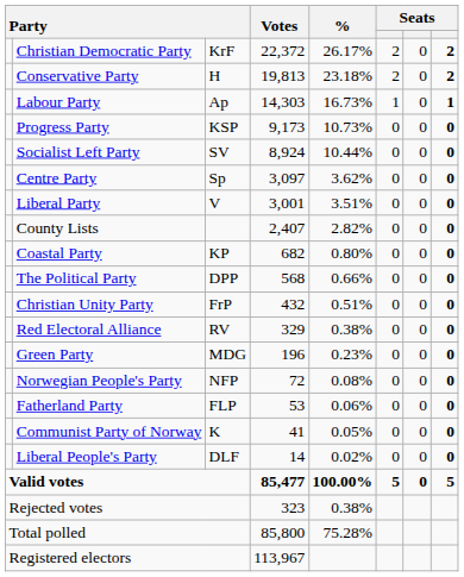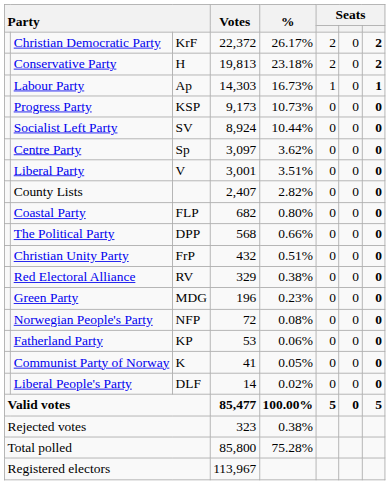 <table class="wikitable" border="1" style="text-align:right;">
 <tr>
 <th style="text-align:left;" valign=bottom rowspan=2 colspan=3>Party</th>
 <th align=center valign=bottom rowspan=2 width="50">Votes</th>
 <th align=center valign=bottom rowspan=2 width="50">%</th>
 <th colspan=3>Seats</th>
 </tr>
 <tr>
 <th align=center valign=bottom width="20"><small></small></th>
 <th align=center valign=bottom width="20"><small><a href='#'></a></small></th>
 <th align=center valign=bottom width="20"><small></small></th>
 </tr>
 <tr>
 <td style="color:inherit;background:"></td>
 <td align=left><a href='#'>Christian Democratic Party</a></td>
 <td align=left>KrF</td>
 <td>22,372</td>
 <td>26.17%</td>
 <td>2</td>
 <td>0</td>
 <td><strong>2</strong></td>
 </tr>
 <tr>
 <td style="color:inherit;background:"></td>
 <td align=left><a href='#'>Conservative Party</a></td>
 <td align=left>H</td>
 <td>19,813</td>
 <td>23.18%</td>
 <td>2</td>
 <td>0</td>
 <td><strong>2</strong></td>
 </tr>
 <tr>
 <td style="color:inherit;background:"></td>
 <td align=left><a href='#'>Labour Party</a></td>
 <td align=left>Ap</td>
 <td>14,303</td>
 <td>16.73%</td>
 <td>1</td>
 <td>0</td>
 <td><strong>1</strong></td>
 </tr>
 <tr>
 <td style="color:inherit;background:"></td>
 <td align=left><a href='#'>Progress Party</a></td>
 <td align=left>KSP</td>
 <td>9,173</td>
 <td>10.73%</td>
 <td>0</td>
 <td>0</td>
 <td><strong>0</strong></td>
 </tr>
 <tr>
 <td style="color:inherit;background:"></td>
 <td align=left><a href='#'>Socialist Left Party</a></td>
 <td align=left>SV</td>
 <td>8,924</td>
 <td>10.44%</td>
 <td>0</td>
 <td>0</td>
 <td><strong>0</strong></td>
 </tr>
 <tr>
 <td style="color:inherit;background:"></td>
 <td align=left><a href='#'>Centre Party</a></td>
 <td align=left>Sp</td>
 <td>3,097</td>
 <td>3.62%</td>
 <td>0</td>
 <td>0</td>
 <td><strong>0</strong></td>
 </tr>
 <tr>
 <td style="color:inherit;background:"></td>
 <td align=left><a href='#'>Liberal Party</a></td>
 <td align=left>V</td>
 <td>3,001</td>
 <td>3.51%</td>
 <td>0</td>
 <td>0</td>
 <td><strong>0</strong></td>
 </tr>
 <tr>
 <td></td>
 <td align=left>County Lists</td>
 <td align=left></td>
 <td>2,407</td>
 <td>2.82%</td>
 <td>0</td>
 <td>0</td>
 <td><strong>0</strong></td>
 </tr>
 <tr>
 <td style="color:inherit;background:"></td>
 <td align=left><a href='#'>Coastal Party</a></td>
-<td align=left>KP</td>
+<td align=left>FLP</td>
 <td>682</td>
 <td>0.80%</td>
 <td>0</td>
 <td>0</td>
 <td><strong>0</strong></td>
 </tr>
 <tr>
 <td style="color:inherit;background:"></td>
 <td align=left><a href='#'>The Political Party</a></td>
 <td align=left>DPP</td>
 <td>568</td>
 <td>0.66%</td>
 <td>0</td>
 <td>0</td>
 <td><strong>0</strong></td>
 </tr>
 <tr>
 <td style="color:inherit;background:"></td>
 <td align=left><a href='#'>Christian Unity Party</a></td>
 <td align=left>FrP</td>
 <td>432</td>
 <td>0.51%</td>
 <td>0</td>
 <td>0</td>
 <td><strong>0</strong></td>
 </tr>
 <tr>
 <td style="color:inherit;background:"></td>
 <td align=left><a href='#'>Red Electoral Alliance</a></td>
 <td align=left>RV</td>
 <td>329</td>
 <td>0.38%</td>
 <td>0</td>
 <td>0</td>
 <td><strong>0</strong></td>
 </tr>
 <tr>
 <td style="color:inherit;background:"></td>
 <td align=left><a href='#'>Green Party</a></td>
 <td align=left>MDG</td>
 <td>196</td>
 <td>0.23%</td>
 <td>0</td>
 <td>0</td>
 <td><strong>0</strong></td>
 </tr>
 <tr>
 <td style="color:inherit;background:"></td>
 <td align=left><a href='#'>Norwegian People's Party</a></td>
 <td align=left>NFP</td>
 <td>72</td>
 <td>0.08%</td>
 <td>0</td>
 <td>0</td>
 <td><strong>0</strong></td>
 </tr>
 <tr>
 <td style="color:inherit;background:"></td>
 <td align=left><a href='#'>Fatherland Party</a></td>
-<td align=left>FLP</td>
+<td align=left>KP</td>
 <td>53</td>
 <td>0.06%</td>
 <td>0</td>
 <td>0</td>
 <td><strong>0</strong></td>
 </tr>
 <tr>
 <td style="color:inherit;background:"></td>
 <td align=left><a href='#'>Communist Party of Norway</a></td>
 <td align=left>K</td>
 <td>41</td>
 <td>0.05%</td>
 <td>0</td>
 <td>0</td>
 <td><strong>0</strong></td>
 </tr>
 <tr>
 <td style="color:inherit;background:"></td>
 <td align=left><a href='#'>Liberal People's Party</a></td>
 <td align=left>DLF</td>
 <td>14</td>
 <td>0.02%</td>
 <td>0</td>
 <td>0</td>
 <td><strong>0</strong></td>
 </tr>
 <tr style="font-weight:bold">
 <td align=left colspan=3>Valid votes</td>
 <td>85,477</td>
 <td>100.00%</td>
 <td>5</td>
 <td>0</td>
 <td>5</td>
 </tr>
 <tr>
 <td align=left colspan=3>Rejected votes</td>
 <td>323</td>
 <td>0.38%</td>
 <td></td>
 <td></td>
 <td></td>
 </tr>
 <tr>
 <td align=left colspan=3>Total polled</td>
 <td>85,800</td>
 <td>75.28%</td>
 <td></td>
 <td></td>
 <td></td>
 </tr>
 <tr>
 <td align=left colspan=3>Registered electors</td>
 <td>113,967</td>
 <td></td>
 <td></td>
 <td></td>
 <td></td>
 </tr>
 </table>
